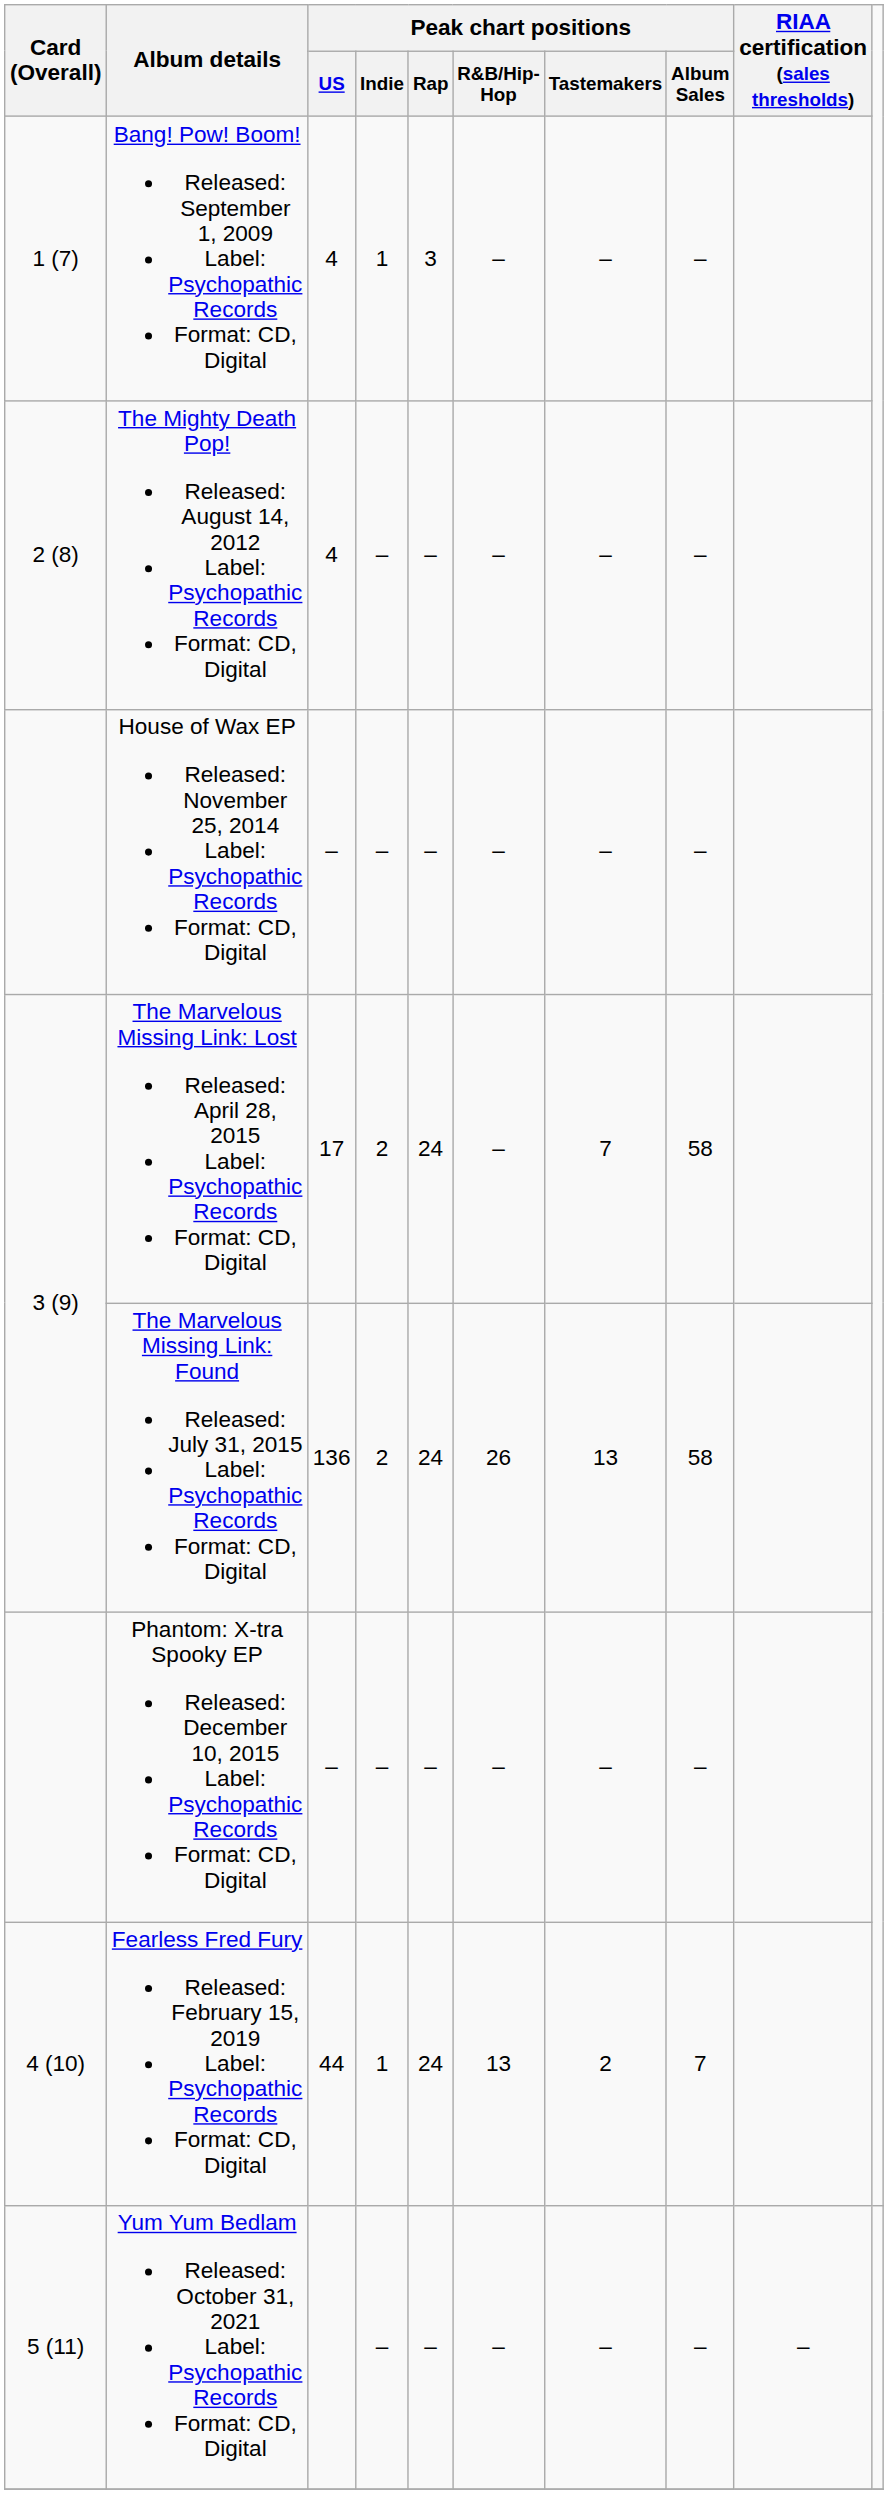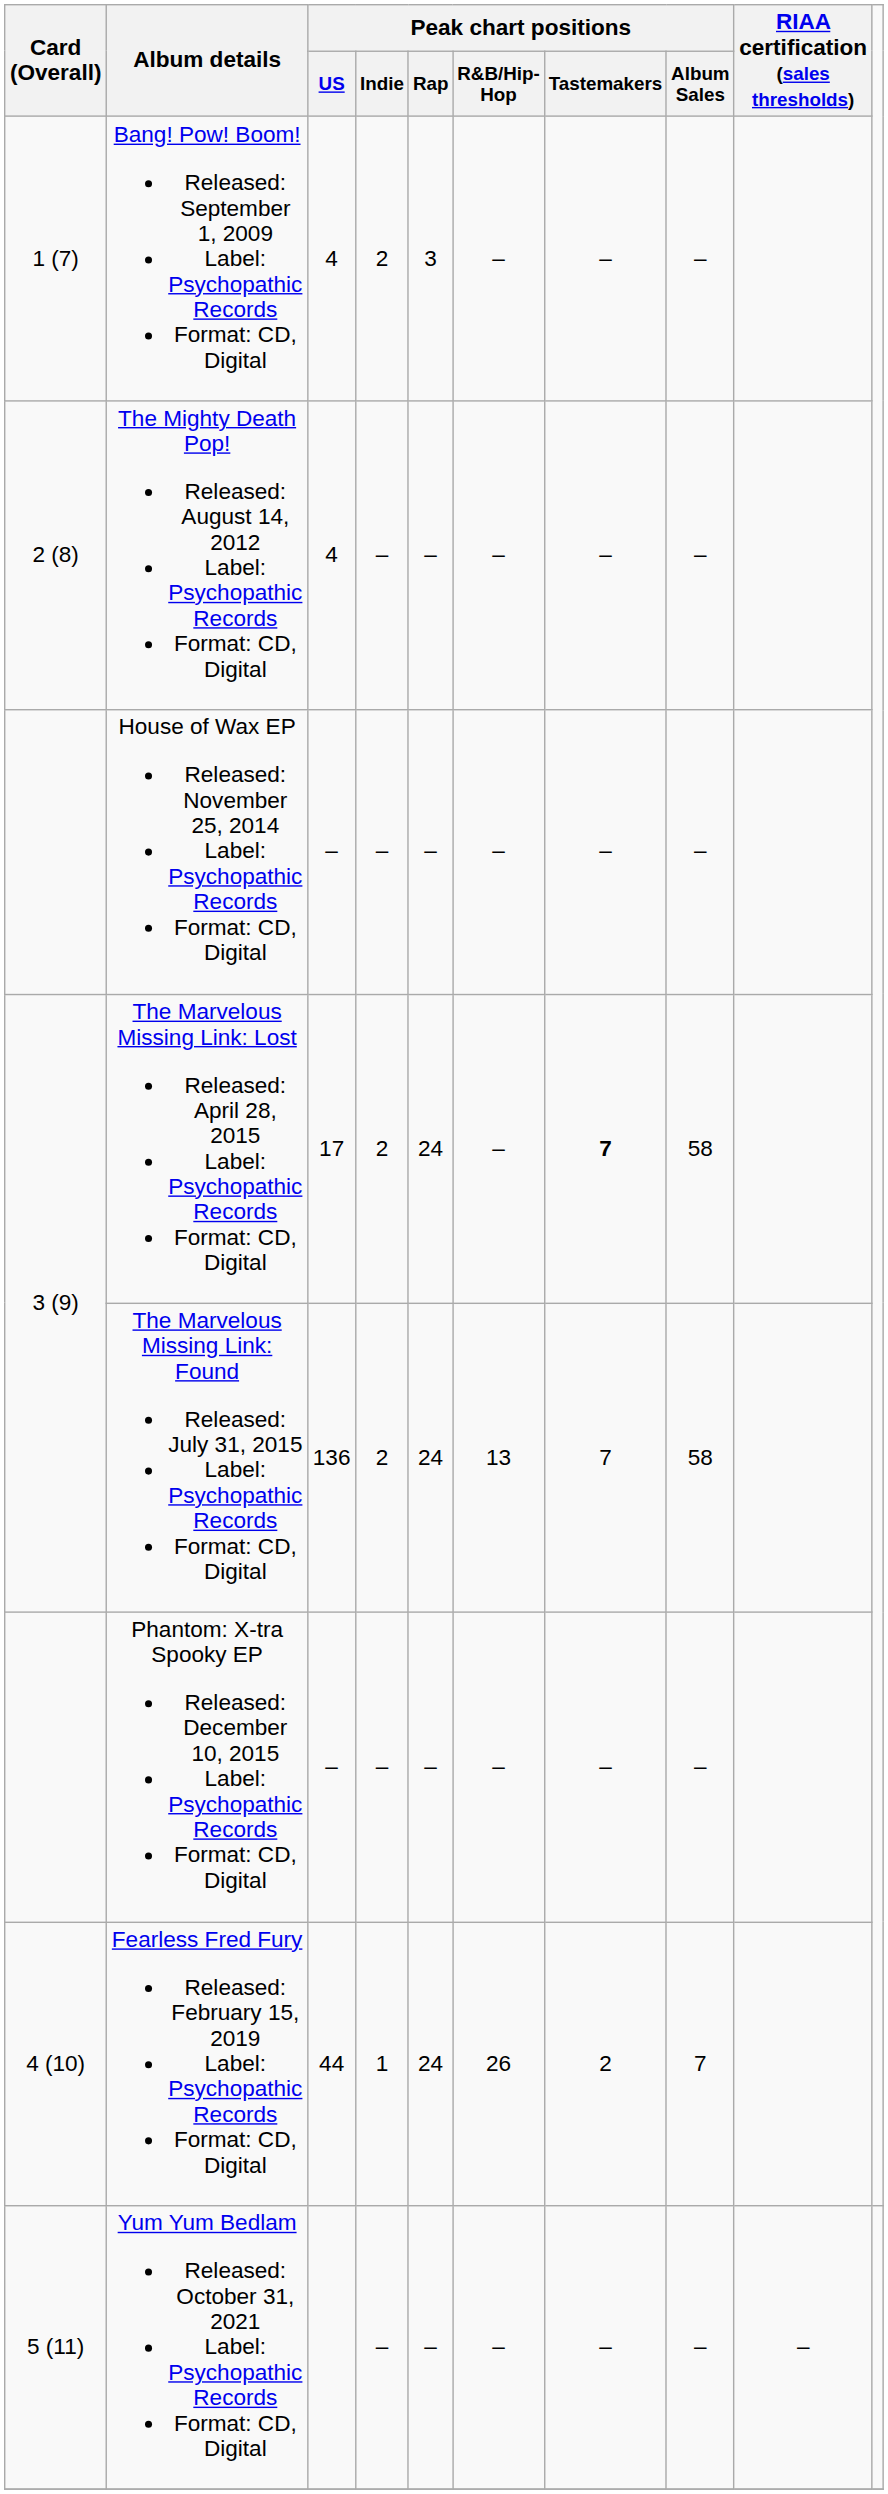 <table class="wikitable" style="text-align:center;">
 <tr>
 <th rowspan="2">Card (Overall)</th>
 <th rowspan="2" width="230">Album details</th>
 <th colspan="6">Peak chart positions</th>
 <th rowspan="2"><a href='#'>RIAA</a> certification<br><small>(<a href='#'>sales thresholds</a>)</small></th>
 </tr>
 <tr style="font-size:smaller;">
 <th width="30"><a href='#'>US</a><br></th>
 <th>Indie</th>
 <th>Rap</th>
 <th>R&B/Hip-Hop</th>
 <th>Tastemakers</th>
 <th>Album Sales</th>
 </tr>
 <tr>
 <td>1 (7)</td>
 <td><a href='#'>Bang! Pow! Boom!</a><br><ul><li>Released: September 1, 2009</li><li>Label: <a href='#'>Psychopathic Records</a></li><li>Format: CD, Digital</li></ul></td>
 <td>4</td>
-<td>1</td>
+<td>2</td>
 <td>3</td>
 <td>–</td>
 <td>–</td>
 <td>–</td>
 <td></td>
 </tr>
 <tr>
 <td>2 (8)</td>
 <td><a href='#'>The Mighty Death Pop!</a><br><ul><li>Released: August 14, 2012</li><li>Label: <a href='#'>Psychopathic Records</a></li><li>Format: CD, Digital</li></ul></td>
 <td>4</td>
 <td>–</td>
 <td>–</td>
 <td>–</td>
 <td>–</td>
 <td>–</td>
 <td></td>
 </tr>
 <tr>
 <td></td>
 <td>House of Wax EP<br><ul><li>Released: November 25, 2014</li><li>Label: <a href='#'>Psychopathic Records</a></li><li>Format: CD, Digital</li></ul></td>
 <td>–</td>
 <td>–</td>
 <td>–</td>
 <td>–</td>
 <td>–</td>
 <td>–</td>
 <td></td>
 </tr>
 <tr>
 <td rowspan="2">3 (9)</td>
 <td><a href='#'>The Marvelous Missing Link: Lost</a><br><ul><li>Released: April 28, 2015</li><li>Label: <a href='#'>Psychopathic Records</a></li><li>Format: CD, Digital</li></ul></td>
 <td>17</td>
 <td>2</td>
 <td>24</td>
 <td>–</td>
-<td>7</td>
+<td><strong>7</strong></td>
 <td>58</td>
 <td></td>
 </tr>
 <tr>
 <td><a href='#'>The Marvelous Missing Link: Found</a><br><ul><li>Released: July 31, 2015</li><li>Label: <a href='#'>Psychopathic Records</a></li><li>Format: CD, Digital</li></ul></td>
 <td>136</td>
 <td>2</td>
 <td>24</td>
-<td>26</td>
 <td>13</td>
+<td>7</td>
 <td>58</td>
 <td></td>
 </tr>
 <tr>
 <td></td>
 <td>Phantom: X-tra Spooky EP<br><ul><li>Released: December 10, 2015</li><li>Label: <a href='#'>Psychopathic Records</a></li><li>Format: CD, Digital</li></ul></td>
 <td>–</td>
 <td>–</td>
 <td>–</td>
 <td>–</td>
 <td>–</td>
 <td>–</td>
 <td></td>
 </tr>
 <tr>
 <td>4 (10)</td>
 <td><a href='#'>Fearless Fred Fury</a><br><ul><li>Released: February 15, 2019</li><li>Label: <a href='#'>Psychopathic Records</a></li><li>Format: CD, Digital</li></ul></td>
 <td>44</td>
 <td>1</td>
 <td>24</td>
-<td>13</td>
+<td>26</td>
 <td>2</td>
 <td>7</td>
 <td></td>
 </tr>
 <tr>
 <td>5 (11)</td>
 <td><a href='#'>Yum Yum Bedlam</a><br><ul><li>Released: October 31, 2021</li><li>Label: <a href='#'>Psychopathic Records</a></li><li>Format: CD, Digital</li></ul></td>
 <td></td>
 <td>–</td>
 <td>–</td>
 <td>–</td>
 <td>–</td>
 <td>–</td>
 <td>–</td>
 <td></td>
 </tr>
 <tr>
 </tr>
 </table>
